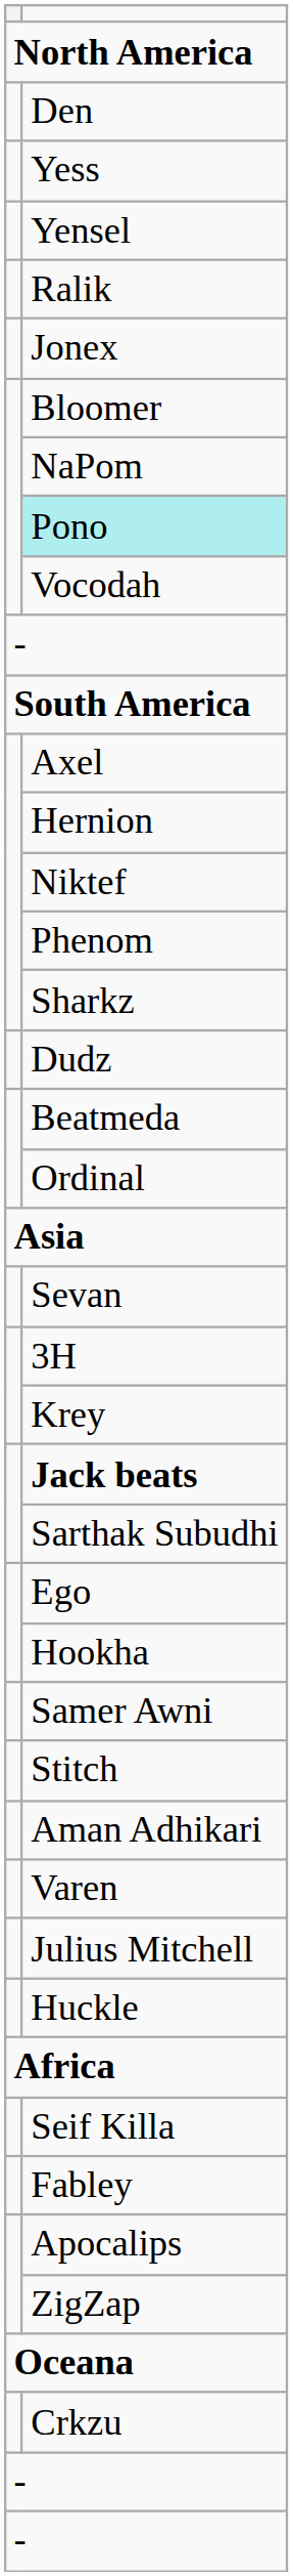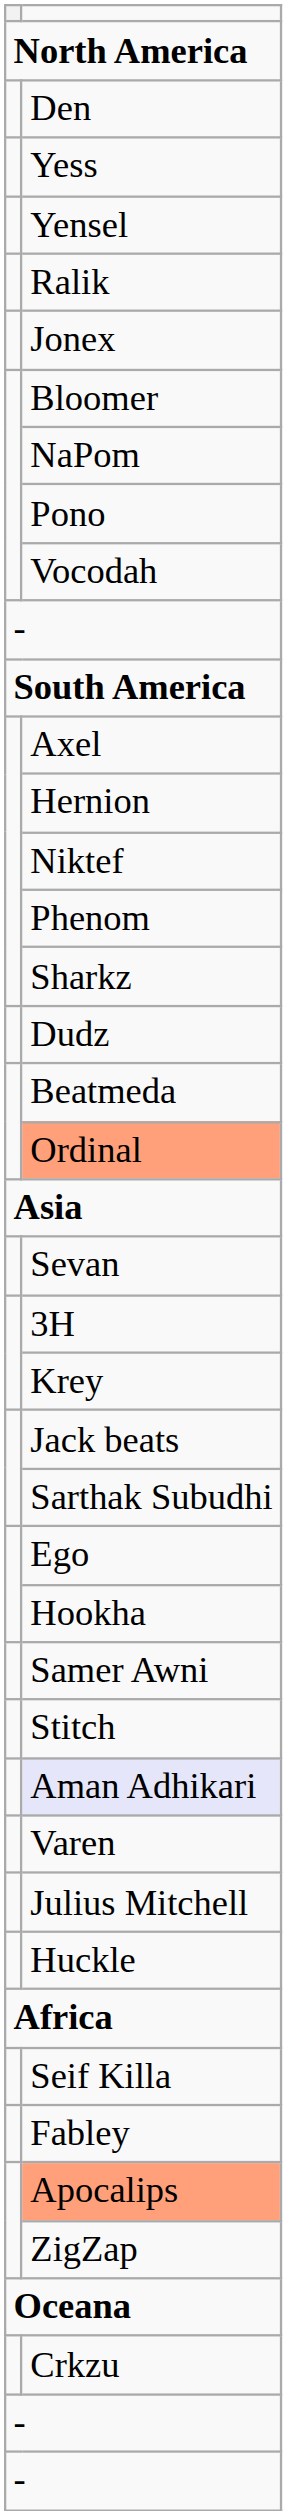 <table class="wikitable">
 <tr>
 <th></th>
 </tr>
 <tr>
 <td colspan="3"><strong>North America</strong></td>
 </tr>
 <tr>
 <td rowspan="1"></td>
 <td>Den </td>
 </tr>
 <tr>
 <td rowspan="1"></td>
 <td>Yess </td>
 </tr>
 <tr>
 <td rowspan="1"></td>
 <td>Yensel </td>
 </tr>
 <tr>
 <td rowspan="1"></td>
 <td>Ralik </td>
 </tr>
 <tr>
 <td rowspan="1"></td>
 <td>Jonex </td>
 </tr>
 <tr>
 <td rowspan="4"></td>
 <td>Bloomer </td>
 </tr>
 <tr>
 <td>NaPom </td>
 </tr>
 <tr>
-<td style="background: paleturquoise;">Pono </td>
+<td>Pono </td>
 </tr>
 <tr>
 <td>Vocodah </td>
 </tr>
 <tr>
 <td colspan="2">-</td>
 </tr>
 <tr>
 <td colspan="3"><strong>South America</strong></td>
 </tr>
 <tr>
 <td rowspan="5"></td>
 <td>Axel </td>
 </tr>
 <tr>
 <td>Hernion </td>
 </tr>
 <tr>
 <td>Niktef </td>
 </tr>
 <tr>
 <td>Phenom </td>
 </tr>
 <tr>
 <td>Sharkz </td>
 </tr>
 <tr>
 <td rowspan="1"></td>
 <td>Dudz </td>
 </tr>
 <tr>
 <td rowspan="2"></td>
 <td>Beatmeda </td>
 </tr>
 <tr>
-<td>Ordinal </td>
+<td style="background: lightsalmon;">Ordinal </td>
 </tr>
 <tr>
 <td colspan="3"><strong>Asia</strong></td>
 </tr>
 <tr>
 <td rowspan="1"></td>
 <td>Sevan </td>
 </tr>
 <tr>
 <td rowspan="2"></td>
 <td>3H </td>
 </tr>
 <tr>
 <td>Krey </td>
 </tr>
 <tr>
 <td rowspan="2"></td>
-<td><strong>Jack beats </strong></td>
+<td>Jack beats </td>
 </tr>
 <tr>
 <td>Sarthak Subudhi </td>
 </tr>
 <tr>
 <td rowspan="2"></td>
 <td>Ego </td>
 </tr>
 <tr>
 <td>Hookha </td>
 </tr>
 <tr>
 <td rowspan="1"></td>
 <td>Samer Awni </td>
 </tr>
 <tr>
 <td rowspan="1"></td>
 <td>Stitch </td>
 </tr>
 <tr>
 <td rowspan="1"></td>
-<td>Aman Adhikari </td>
+<td style="background: lavender;">Aman Adhikari </td>
 </tr>
 <tr>
 <td rowspan="1"></td>
 <td>Varen </td>
 </tr>
 <tr>
 <td rowspan="1"></td>
 <td>Julius Mitchell </td>
 </tr>
 <tr>
 <td rowspan="1"></td>
 <td>Huckle </td>
 </tr>
 <tr>
 <td colspan="3"><strong>Africa</strong></td>
 </tr>
 <tr>
 <td rowspan="1"></td>
 <td>Seif Killa </td>
 </tr>
 <tr>
 <td rowspan="1"></td>
 <td>Fabley </td>
 </tr>
 <tr>
 <td rowspan="2"></td>
-<td>Apocalips </td>
+<td style="background: lightsalmon;">Apocalips </td>
 </tr>
 <tr>
 <td>ZigZap </td>
 </tr>
 <tr>
 <td colspan="3"><strong>Oceana</strong></td>
 </tr>
 <tr>
 <td rowspan="1"></td>
 <td>Crkzu </td>
 </tr>
 <tr>
 <td colspan="2">-</td>
 </tr>
 <tr>
 <td colspan="2">-</td>
 </tr>
 <tr>
 </tr>
 </table>
